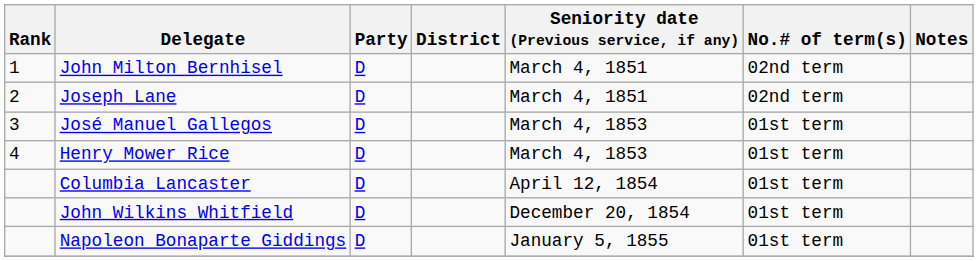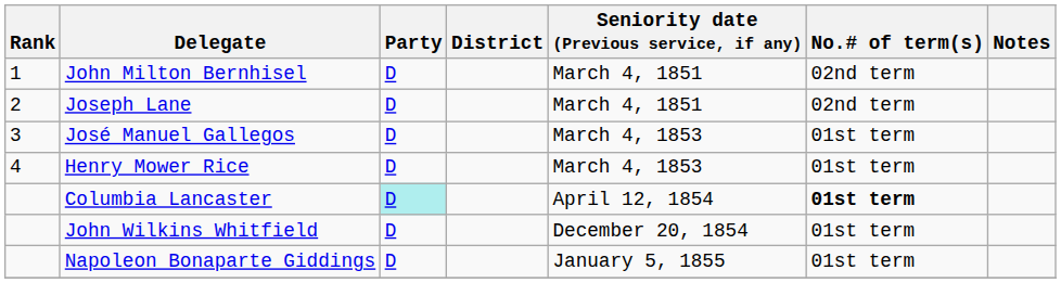 <table class="wikitable sortable">
 <tr valign=bottom>
 <th>Rank</th>
 <th>Delegate</th>
 <th>Party</th>
 <th>District</th>
 <th>Seniority date<br><small>(Previous service, if any)</small><br></th>
 <th>No.# of term(s)</th>
 <th>Notes</th>
 </tr>
 <tr>
 <td>1</td>
 <td><a href='#'>John Milton Bernhisel</a></td>
 <td><a href='#'>D</a></td>
 <td></td>
 <td>March 4, 1851</td>
 <td>02nd term</td>
 <td></td>
 </tr>
 <tr>
 <td>2</td>
 <td><a href='#'>Joseph Lane</a></td>
 <td><a href='#'>D</a></td>
 <td></td>
 <td>March 4, 1851</td>
 <td>02nd term</td>
 <td></td>
 </tr>
 <tr>
 <td>3</td>
 <td><a href='#'>José Manuel Gallegos</a></td>
 <td><a href='#'>D</a></td>
 <td></td>
 <td>March 4, 1853</td>
 <td>01st term</td>
 <td></td>
 </tr>
 <tr>
 <td>4</td>
 <td><a href='#'>Henry Mower Rice</a></td>
 <td><a href='#'>D</a></td>
 <td></td>
 <td>March 4, 1853</td>
 <td>01st term</td>
 <td></td>
 </tr>
 <tr>
 <td></td>
 <td><a href='#'>Columbia Lancaster</a></td>
-<td><a href='#'>D</a></td>
+<td style="background: paleturquoise;"><a href='#'>D</a></td>
 <td></td>
 <td>April 12, 1854</td>
-<td>01st term</td>
+<td><strong>01st term</strong></td>
 <td></td>
 </tr>
 <tr>
 <td></td>
 <td><a href='#'>John Wilkins Whitfield</a></td>
 <td><a href='#'>D</a></td>
 <td></td>
 <td>December 20, 1854</td>
 <td>01st term</td>
 <td></td>
 </tr>
 <tr>
 <td></td>
 <td><a href='#'>Napoleon Bonaparte Giddings</a></td>
 <td><a href='#'>D</a></td>
 <td></td>
 <td>January 5, 1855</td>
 <td>01st term</td>
 <td></td>
 </tr>
 <tr>
 </tr>
 </table>
